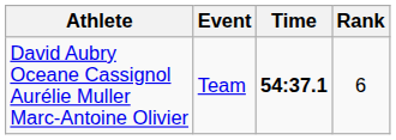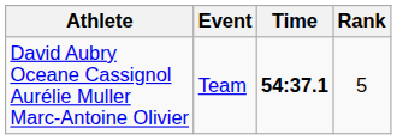 <table class=wikitable style="font-size:90%;">
 <tr>
 <th>Athlete</th>
 <th>Event</th>
 <th>Time</th>
 <th>Rank</th>
 </tr>
 <tr align=center>
 <td align=left><a href='#'>David Aubry</a><br><a href='#'>Oceane Cassignol</a><br><a href='#'>Aurélie Muller</a><br><a href='#'>Marc-Antoine Olivier</a></td>
 <td align=left><a href='#'>Team</a></td>
 <td><strong>54:37.1</strong></td>
-<td>6</td>
+<td>5</td>
 </tr>
 </table>
